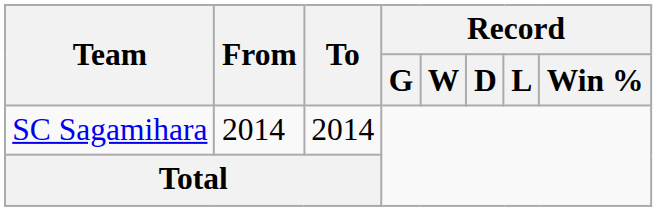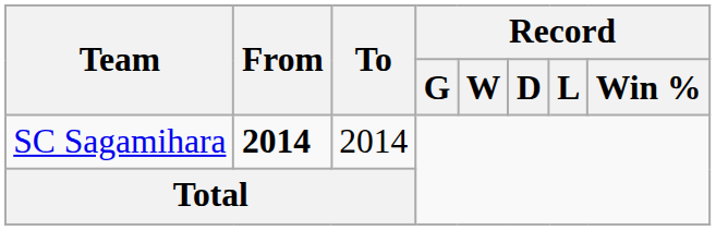 <table class="wikitable" style="text-align: center">
 <tr>
 <th rowspan="2">Team</th>
 <th rowspan="2">From</th>
 <th rowspan="2">To</th>
 <th colspan="5">Record</th>
 </tr>
 <tr>
 <th>G</th>
 <th>W</th>
 <th>D</th>
 <th>L</th>
 <th>Win %</th>
 </tr>
 <tr>
 <td align="left"><a href='#'>SC Sagamihara</a></td>
-<td align="left">2014</td>
+<td align="left"><strong>2014</strong></td>
 <td align="left">2014<br></td>
 </tr>
 <tr>
 <th colspan="3">Total<br></th>
 </tr>
 </table>
